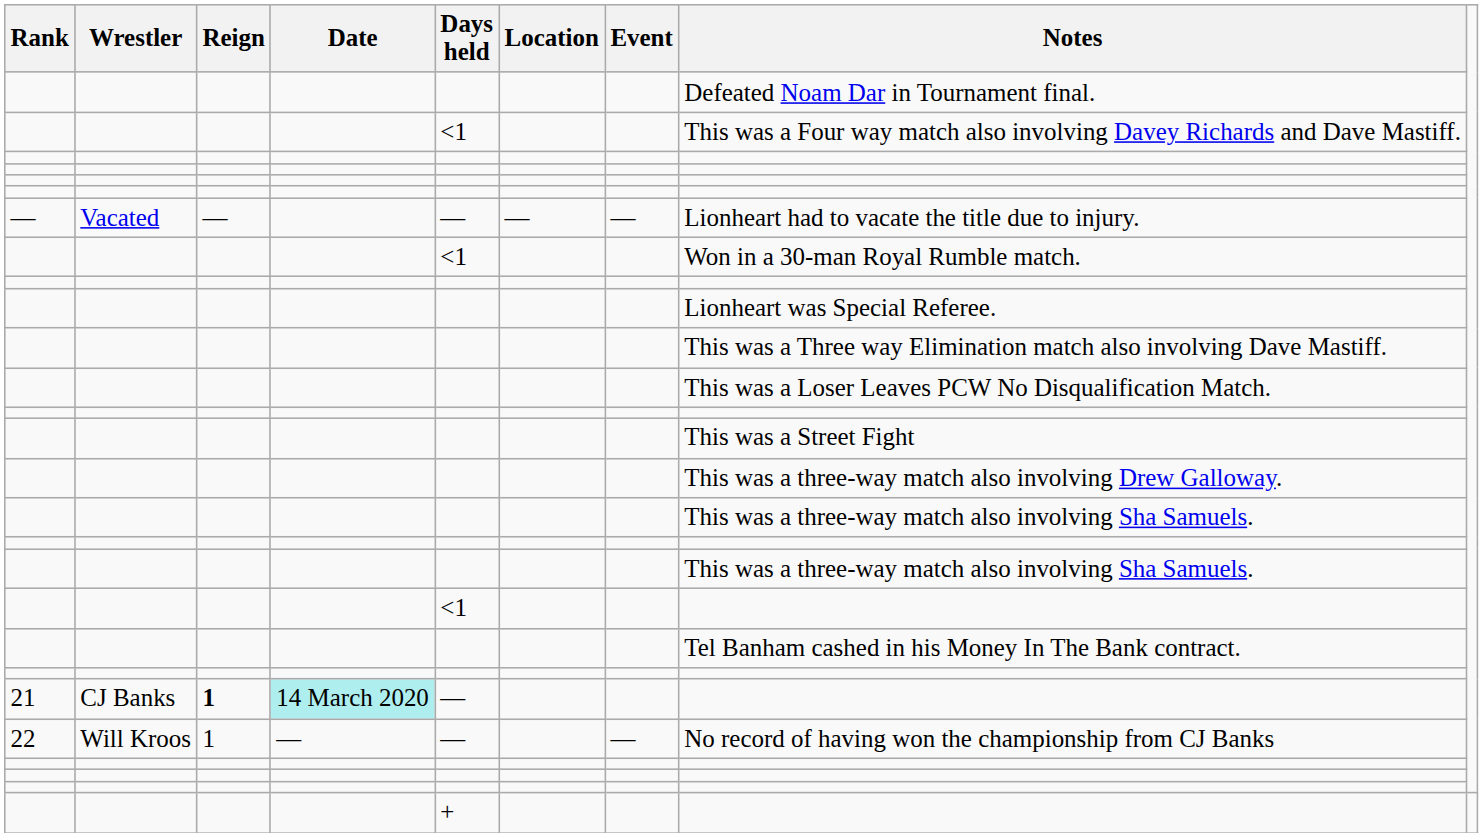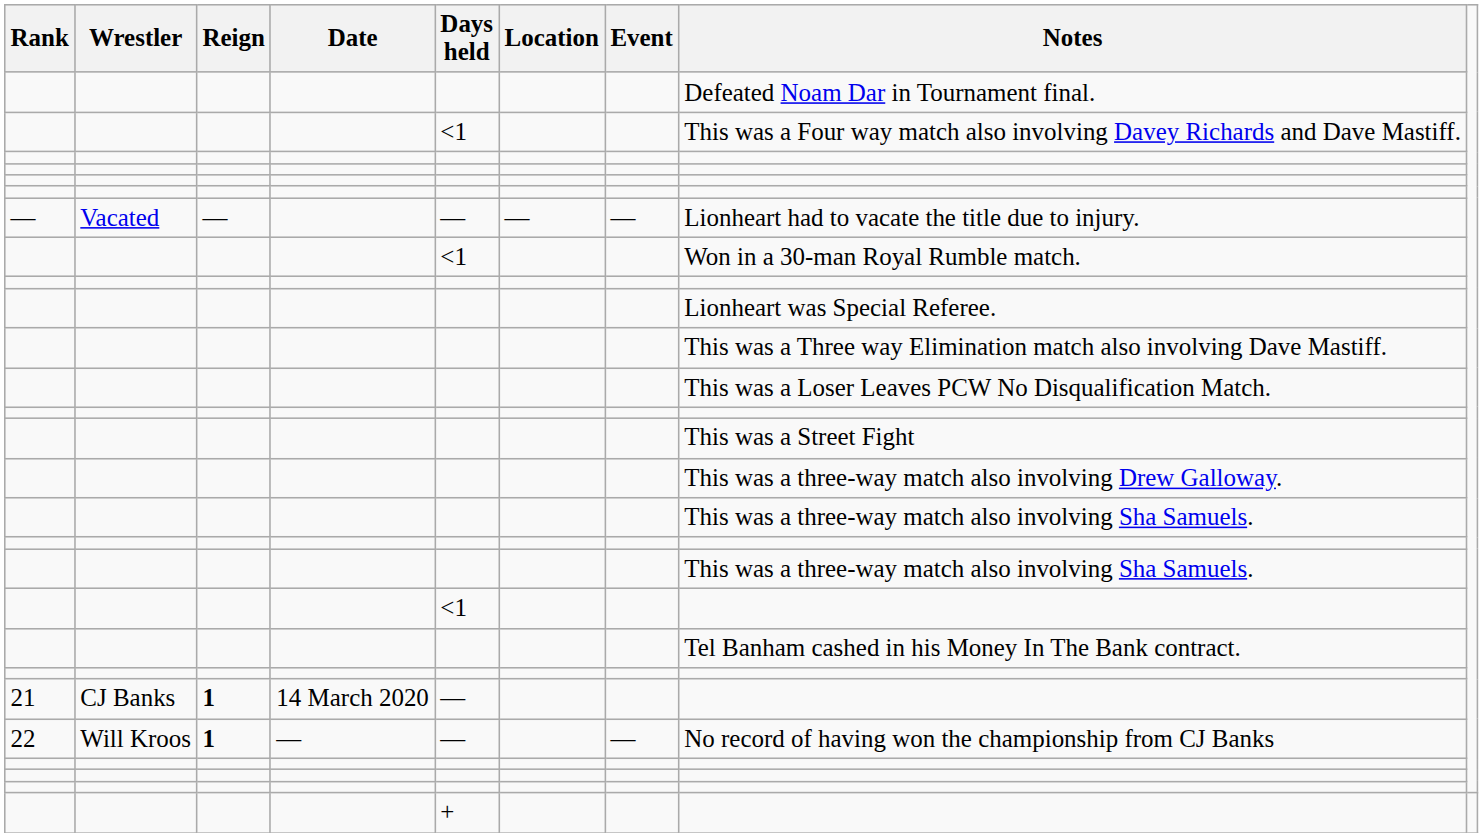 <table class="wikitable sortable">
 <tr>
 <th>Rank</th>
 <th>Wrestler</th>
 <th>Reign</th>
 <th>Date</th>
 <th>Days<br>held</th>
 <th>Location</th>
 <th>Event</th>
 <th>Notes</th>
 </tr>
 <tr>
 <td></td>
 <td></td>
 <td></td>
 <td></td>
 <td></td>
 <td></td>
 <td></td>
 <td align="left">Defeated <a href='#'>Noam Dar</a> in Tournament final.</td>
 </tr>
 <tr>
 <td></td>
 <td></td>
 <td></td>
 <td></td>
 <td data-sort-value=0.2><1</td>
 <td></td>
 <td></td>
 <td align="left">This was a Four way match also involving <a href='#'>Davey Richards</a> and Dave Mastiff.</td>
 </tr>
 <tr>
 <td></td>
 <td></td>
 <td></td>
 <td></td>
 <td></td>
 <td></td>
 <td></td>
 <td align="left"></td>
 </tr>
 <tr>
 <td></td>
 <td></td>
 <td></td>
 <td></td>
 <td></td>
 <td></td>
 <td></td>
 <td align="left"></td>
 </tr>
 <tr>
 <td></td>
 <td></td>
 <td></td>
 <td></td>
 <td></td>
 <td></td>
 <td></td>
 <td align="left"></td>
 </tr>
 <tr>
 <td></td>
 <td></td>
 <td></td>
 <td></td>
 <td></td>
 <td></td>
 <td></td>
 <td align="left"></td>
 </tr>
 <tr>
 <td>—</td>
 <td><a href='#'>Vacated</a></td>
 <td>—</td>
 <td></td>
 <td>—</td>
 <td>—</td>
 <td>—</td>
 <td align="left">Lionheart had to vacate the title due to injury.</td>
 </tr>
 <tr>
 <td></td>
 <td></td>
 <td></td>
 <td></td>
 <td data-sort-value=0.2><1</td>
 <td></td>
 <td></td>
 <td align="left">Won in a 30-man Royal Rumble match.</td>
 </tr>
 <tr>
 <td></td>
 <td></td>
 <td></td>
 <td></td>
 <td></td>
 <td></td>
 <td></td>
 <td align="left"></td>
 </tr>
 <tr>
 <td></td>
 <td></td>
 <td></td>
 <td></td>
 <td></td>
 <td></td>
 <td></td>
 <td align="left">Lionheart was Special Referee.</td>
 </tr>
 <tr>
 <td></td>
 <td></td>
 <td></td>
 <td></td>
 <td></td>
 <td></td>
 <td></td>
 <td align="left">This was a Three way Elimination match also involving Dave Mastiff.</td>
 </tr>
 <tr>
 <td></td>
 <td></td>
 <td></td>
 <td></td>
 <td></td>
 <td></td>
 <td></td>
 <td align="left">This was a Loser Leaves PCW No Disqualification Match.</td>
 </tr>
 <tr>
 <td></td>
 <td></td>
 <td></td>
 <td></td>
 <td></td>
 <td></td>
 <td></td>
 <td align="left"></td>
 </tr>
 <tr>
 <td></td>
 <td></td>
 <td></td>
 <td></td>
 <td></td>
 <td></td>
 <td></td>
 <td align="left">This was a Street Fight</td>
 </tr>
 <tr>
 <td></td>
 <td></td>
 <td></td>
 <td></td>
 <td></td>
 <td></td>
 <td></td>
 <td align="left">This was a three-way match also involving <a href='#'>Drew Galloway</a>.</td>
 </tr>
 <tr>
 <td></td>
 <td></td>
 <td></td>
 <td></td>
 <td></td>
 <td></td>
 <td></td>
 <td align="left">This was a three-way match also involving <a href='#'>Sha Samuels</a>.</td>
 </tr>
 <tr>
 <td></td>
 <td></td>
 <td></td>
 <td></td>
 <td></td>
 <td></td>
 <td></td>
 <td align="left"></td>
 </tr>
 <tr>
 <td></td>
 <td></td>
 <td></td>
 <td></td>
 <td></td>
 <td></td>
 <td></td>
 <td align="left">This was a three-way match also involving <a href='#'>Sha Samuels</a>.</td>
 </tr>
 <tr>
 <td></td>
 <td></td>
 <td></td>
 <td></td>
 <td data-sort-value=0.2><1</td>
 <td></td>
 <td></td>
 <td align="left"></td>
 </tr>
 <tr>
 <td></td>
 <td></td>
 <td></td>
 <td></td>
 <td></td>
 <td></td>
 <td></td>
 <td align="left">Tel Banham cashed in his Money In The Bank contract.</td>
 </tr>
 <tr>
 <td></td>
 <td></td>
 <td></td>
 <td></td>
 <td></td>
 <td></td>
 <td></td>
 <td align="left"></td>
 </tr>
 <tr>
 <td>21</td>
 <td>CJ Banks</td>
 <td><strong>1</strong></td>
-<td style="background: paleturquoise;">14 March 2020</td>
+<td>14 March 2020</td>
 <td>—</td>
 <td></td>
 <td></td>
 <td></td>
 </tr>
 <tr>
 <td>22</td>
 <td>Will Kroos</td>
-<td>1</td>
+<td><strong>1</strong></td>
 <td>—</td>
 <td>—</td>
 <td></td>
 <td>—</td>
 <td>No record of having won the championship from CJ Banks</td>
 </tr>
 <tr>
 <td></td>
 <td></td>
 <td></td>
 <td></td>
 <td></td>
 <td></td>
 <td></td>
 <td align="left"></td>
 </tr>
 <tr>
 <td></td>
 <td></td>
 <td></td>
 <td></td>
 <td></td>
 <td></td>
 <td></td>
 <td align="left"></td>
 </tr>
 <tr>
 <td></td>
 <td></td>
 <td></td>
 <td></td>
 <td></td>
 <td></td>
 <td></td>
 <td align="left"></td>
 </tr>
 <tr>
 <td></td>
 <td></td>
 <td></td>
 <td></td>
 <td>+</td>
 <td></td>
 <td></td>
 <td align="left"></td>
 <td></td>
 </tr>
 </table>
